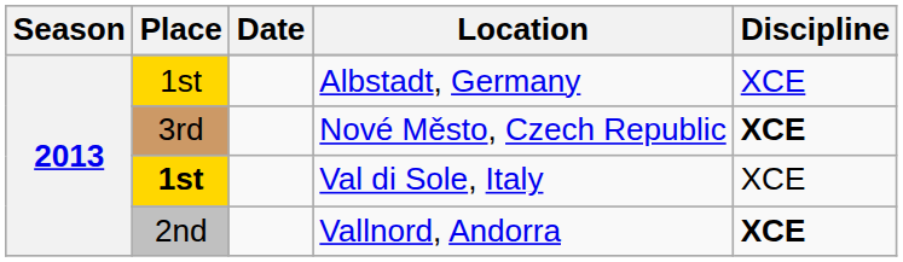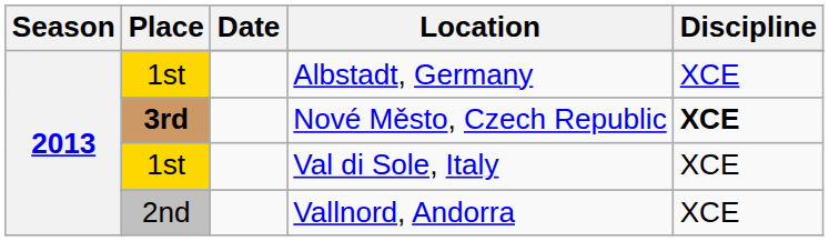 <table class="wikitable">
 <tr>
 <th>Season</th>
 <th>Place</th>
 <th>Date</th>
 <th>Location</th>
 <th>Discipline</th>
 </tr>
 <tr>
 <th rowspan=5><a href='#'>2013</a></th>
 </tr>
 <tr>
 <td align=center bgcolor=gold>1st</td>
 <td></td>
 <td> <a href='#'>Albstadt</a>, <a href='#'>Germany</a></td>
 <td><a href='#'>XCE</a></td>
 </tr>
 <tr>
-<td align=center bgcolor=cc9966>3rd</td>
+<td align=center bgcolor=cc9966><strong>3rd</strong></td>
 <td></td>
 <td> <a href='#'>Nové Město</a>, <a href='#'>Czech Republic</a></td>
 <td><strong>XCE</strong></td>
 </tr>
 <tr>
-<td align=center bgcolor=gold><strong>1st</strong></td>
+<td align=center bgcolor=gold>1st</td>
 <td></td>
 <td> <a href='#'>Val di Sole</a>, <a href='#'>Italy</a></td>
 <td>XCE</td>
 </tr>
 <tr>
 <td align=center bgcolor=silver>2nd</td>
 <td></td>
 <td> <a href='#'>Vallnord</a>, <a href='#'>Andorra</a></td>
-<td><strong>XCE</strong></td>
+<td>XCE</td>
 </tr>
 </table>
